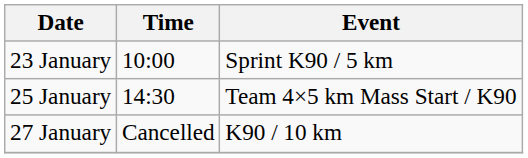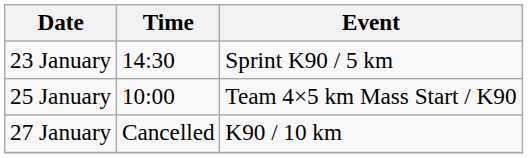 <table class="wikitable">
 <tr>
 <th>Date</th>
 <th>Time</th>
 <th>Event</th>
 </tr>
 <tr>
 <td>23 January</td>
-<td>10:00</td>
+<td>14:30</td>
 <td>Sprint K90 / 5 km</td>
 </tr>
 <tr>
 <td>25 January</td>
-<td>14:30</td>
+<td>10:00</td>
 <td>Team 4×5 km Mass Start / K90</td>
 </tr>
 <tr>
 <td>27 January</td>
 <td>Cancelled</td>
 <td>K90 / 10 km</td>
 </tr>
 <tr>
 </tr>
 </table>
